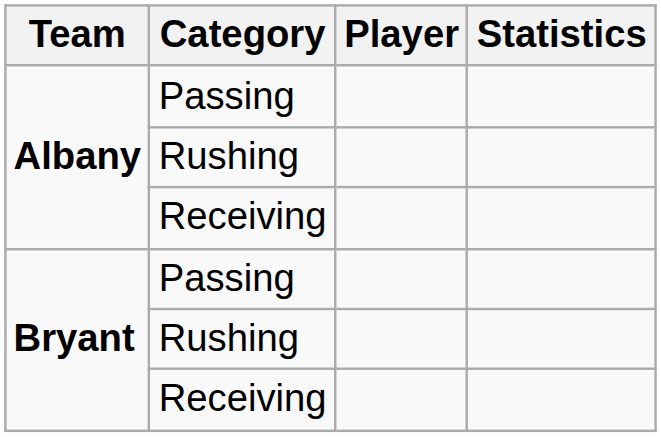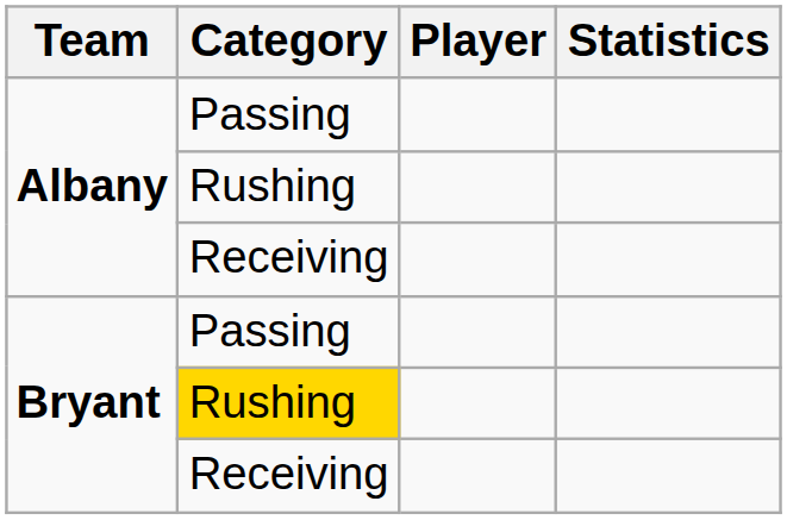 <table class="wikitable" style="float: right;">
 <tr>
 <th>Team</th>
 <th>Category</th>
 <th>Player</th>
 <th>Statistics</th>
 </tr>
 <tr>
 <td rowspan=3><strong>Albany</strong></td>
 <td>Passing</td>
 <td></td>
 <td></td>
 </tr>
 <tr>
 <td>Rushing</td>
 <td></td>
 <td></td>
 </tr>
 <tr>
 <td>Receiving</td>
 <td></td>
 <td></td>
 </tr>
 <tr>
 <td rowspan=3><strong>Bryant</strong></td>
 <td>Passing</td>
 <td></td>
 <td></td>
 </tr>
 <tr>
-<td>Rushing</td>
+<td style="background: gold;">Rushing</td>
 <td></td>
 <td></td>
 </tr>
 <tr>
 <td>Receiving</td>
 <td></td>
 <td></td>
 </tr>
 </table>
